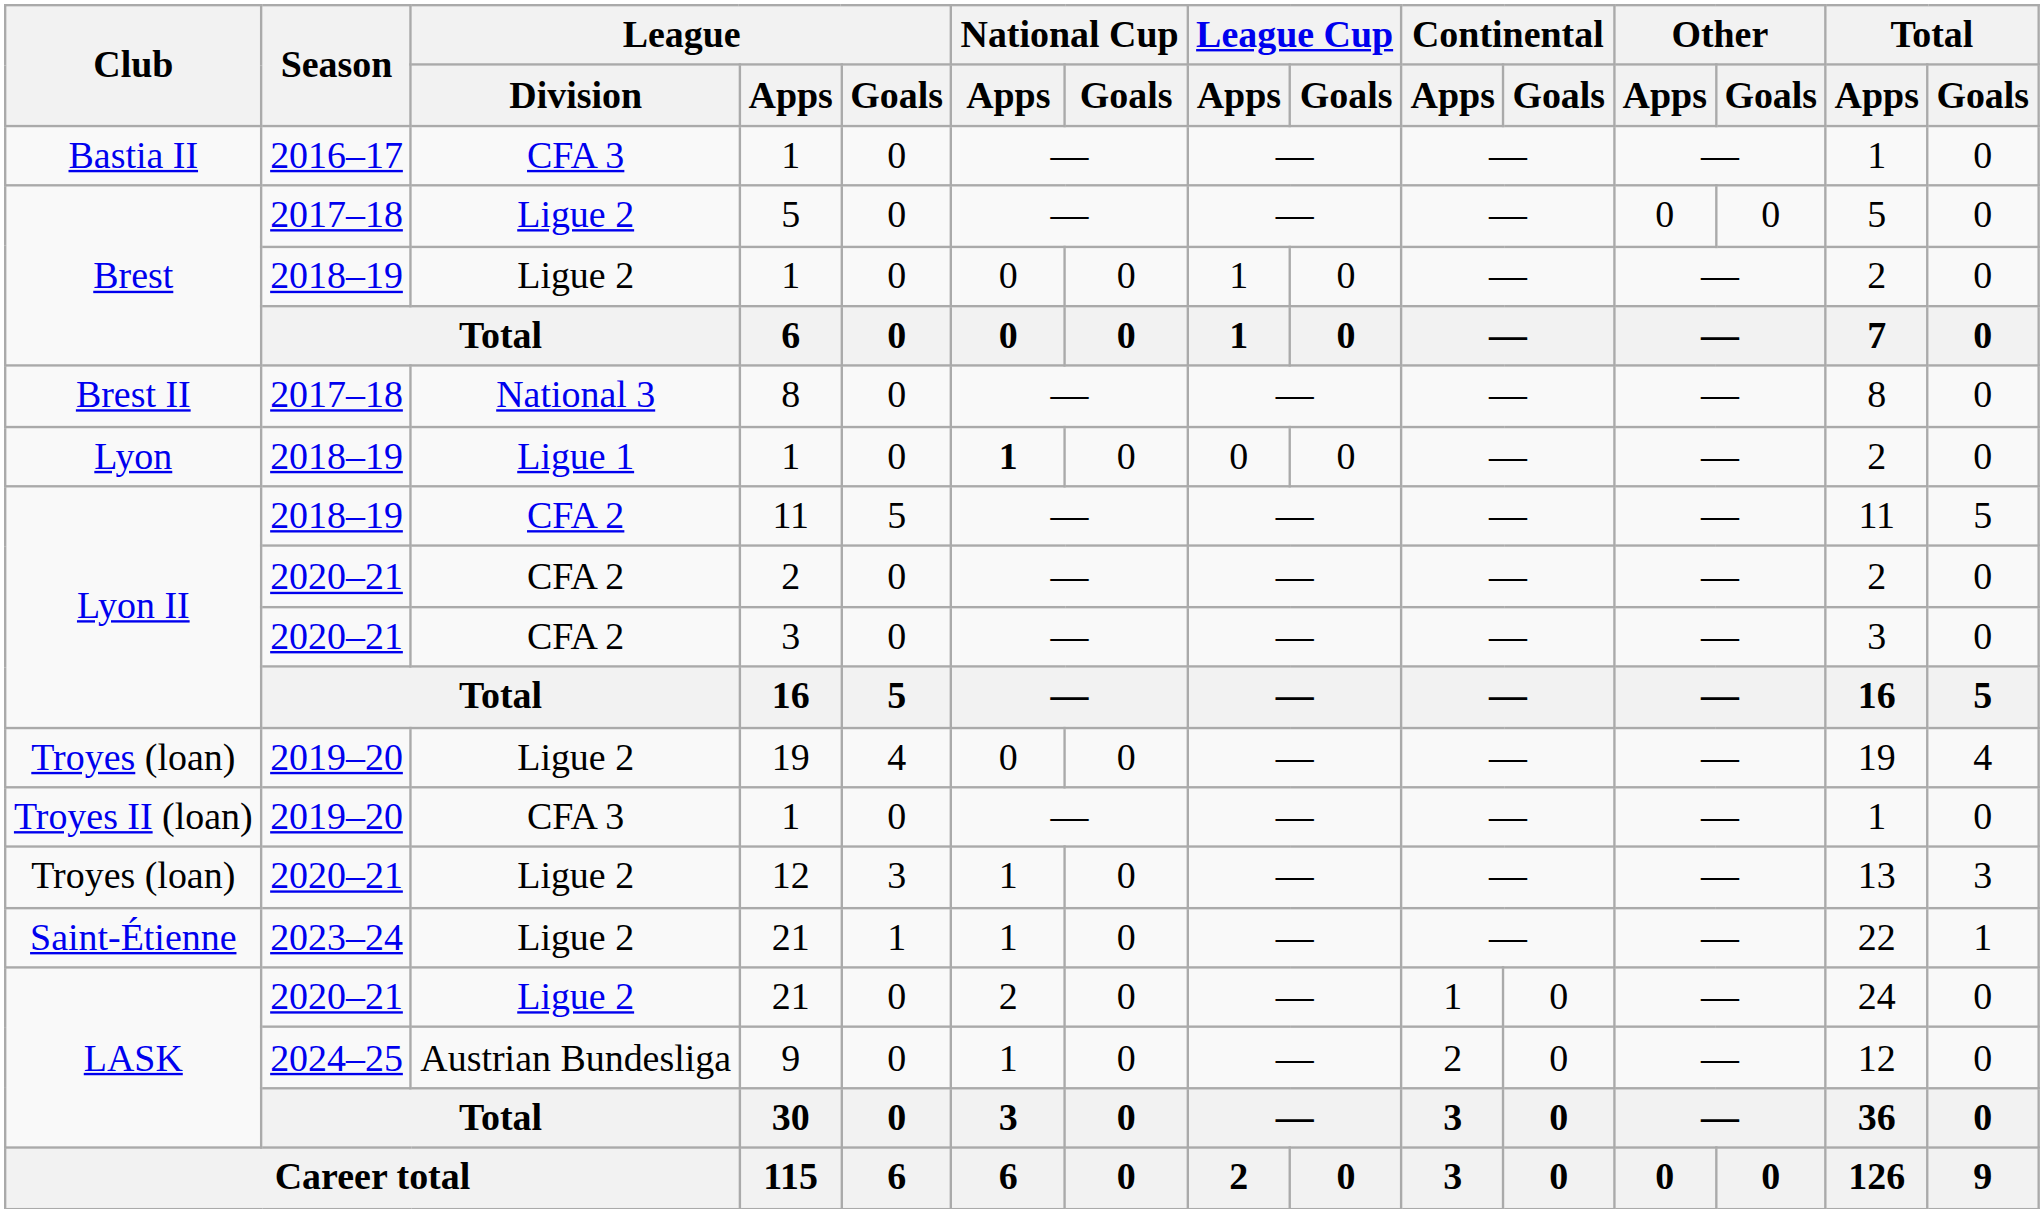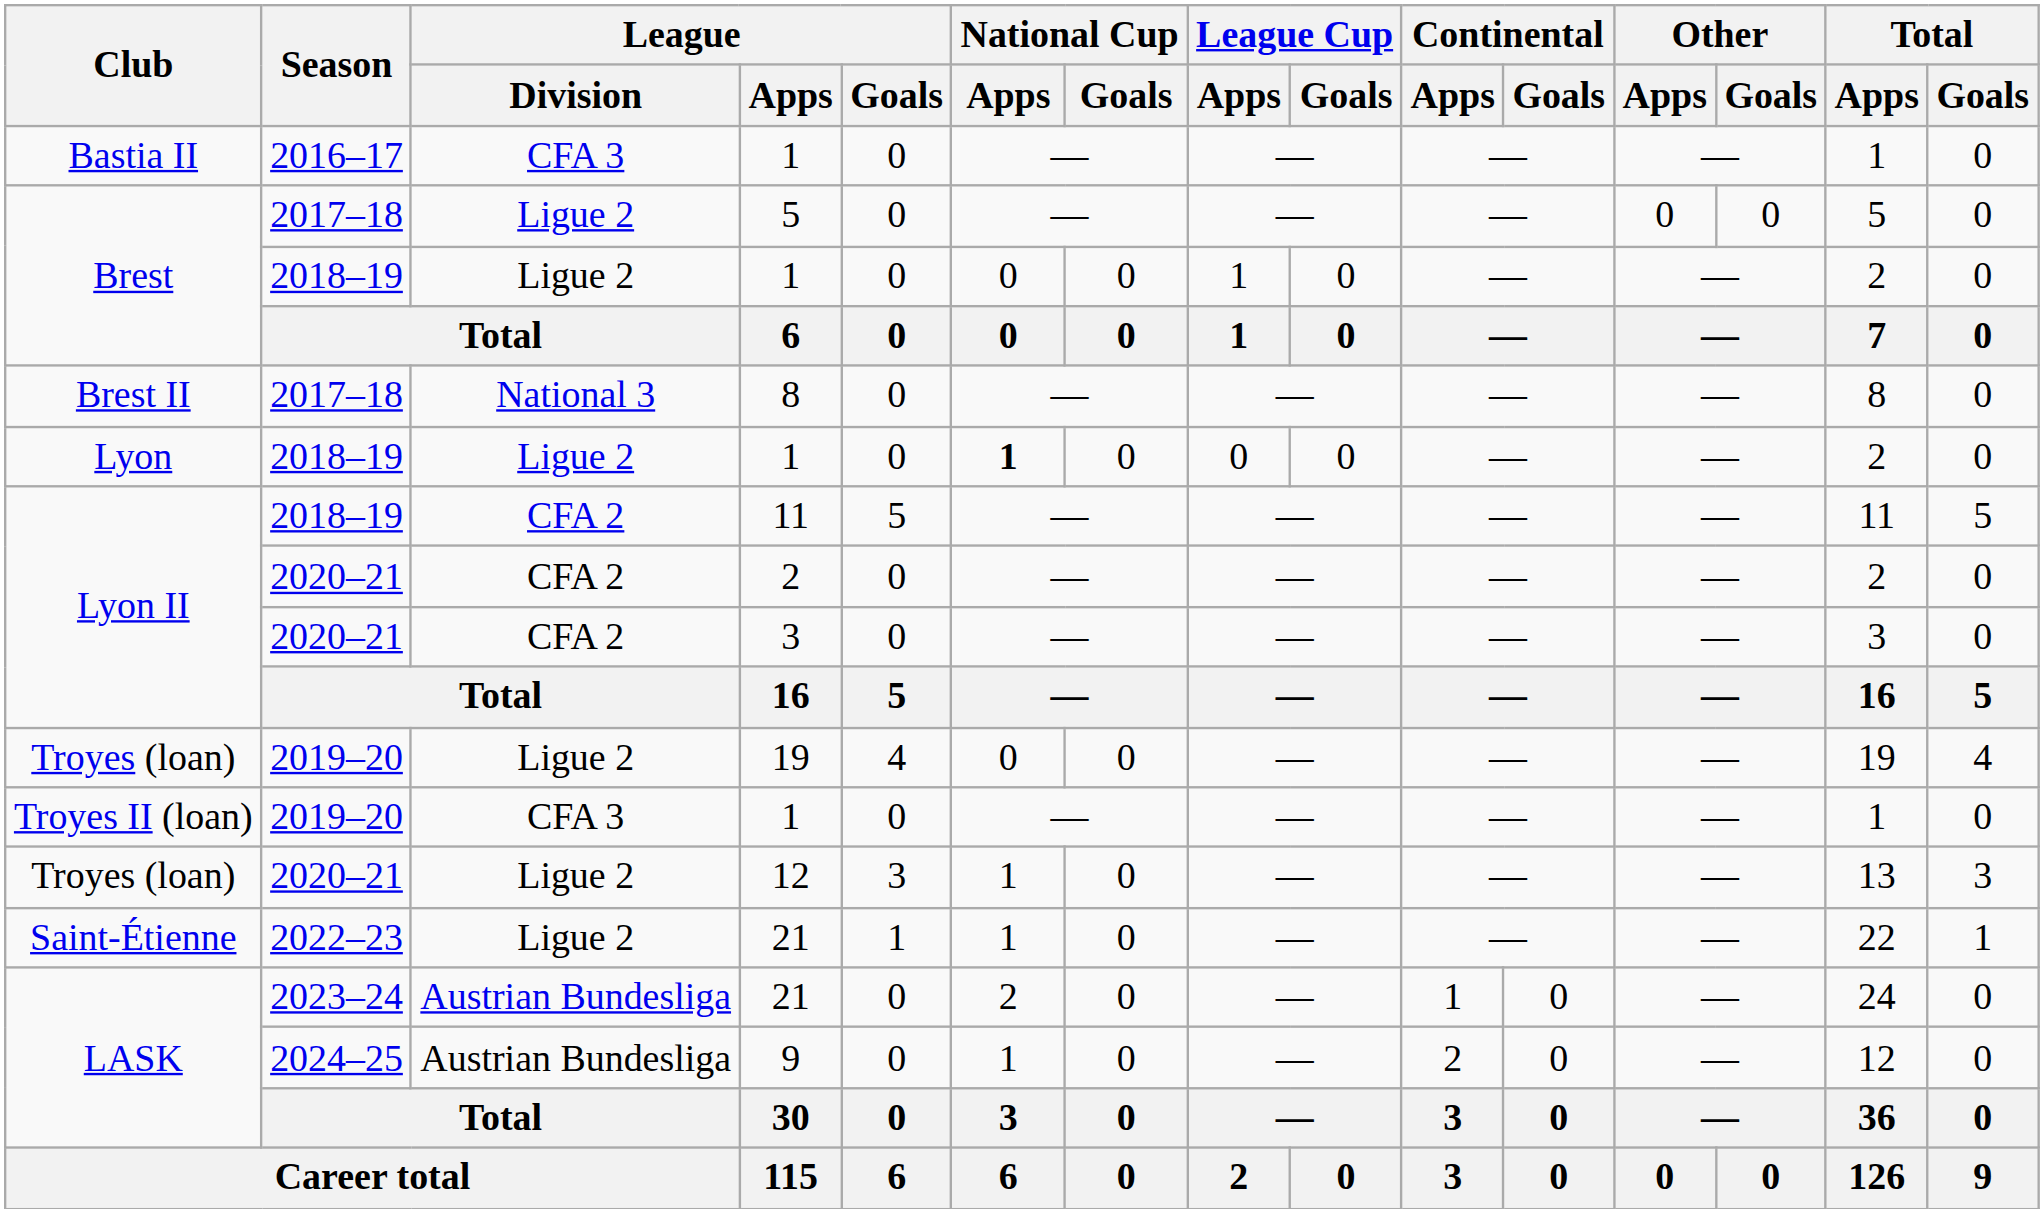 <table class="wikitable" style="text-align: center">
 <tr>
 <th rowspan="2">Club</th>
 <th rowspan="2">Season</th>
 <th colspan="3">League</th>
 <th colspan="2">National Cup</th>
 <th colspan="2"><a href='#'>League Cup</a></th>
 <th colspan="2">Continental</th>
 <th colspan="2">Other</th>
 <th colspan="2">Total</th>
 </tr>
 <tr>
 <th>Division</th>
 <th>Apps</th>
 <th>Goals</th>
 <th>Apps</th>
 <th>Goals</th>
 <th>Apps</th>
 <th>Goals</th>
 <th>Apps</th>
 <th>Goals</th>
 <th>Apps</th>
 <th>Goals</th>
 <th>Apps</th>
 <th>Goals</th>
 </tr>
 <tr>
 <td><a href='#'>Bastia II</a></td>
 <td><a href='#'>2016–17</a></td>
 <td><a href='#'>CFA 3</a></td>
 <td>1</td>
 <td>0</td>
 <td colspan="2">—</td>
 <td colspan="2">—</td>
 <td colspan="2">—</td>
 <td colspan="2">—</td>
 <td>1</td>
 <td>0</td>
 </tr>
 <tr>
 <td rowspan="3"><a href='#'>Brest</a></td>
 <td><a href='#'>2017–18</a></td>
 <td><a href='#'>Ligue 2</a></td>
 <td>5</td>
 <td>0</td>
 <td colspan="2">—</td>
 <td colspan="2">—</td>
 <td colspan="2">—</td>
 <td>0</td>
 <td>0</td>
 <td>5</td>
 <td>0</td>
 </tr>
 <tr>
 <td><a href='#'>2018–19</a></td>
 <td>Ligue 2</td>
 <td>1</td>
 <td>0</td>
 <td>0</td>
 <td>0</td>
 <td>1</td>
 <td>0</td>
 <td colspan="2">—</td>
 <td colspan="2">—</td>
 <td>2</td>
 <td>0</td>
 </tr>
 <tr>
 <th colspan="2">Total</th>
 <th>6</th>
 <th>0</th>
 <th>0</th>
 <th>0</th>
 <th>1</th>
 <th>0</th>
 <th colspan="2">—</th>
 <th colspan="2">—</th>
 <th>7</th>
 <th>0</th>
 </tr>
 <tr>
 <td><a href='#'>Brest II</a></td>
 <td><a href='#'>2017–18</a></td>
 <td><a href='#'>National 3</a></td>
 <td>8</td>
 <td>0</td>
 <td colspan="2">—</td>
 <td colspan="2">—</td>
 <td colspan="2">—</td>
 <td colspan="2">—</td>
 <td>8</td>
 <td>0</td>
 </tr>
 <tr>
 <td><a href='#'>Lyon</a></td>
 <td><a href='#'>2018–19</a></td>
-<td><a href='#'>Ligue 1</a></td>
+<td><a href='#'>Ligue 2</a></td>
 <td>1</td>
 <td>0</td>
 <td><strong>1</strong></td>
 <td>0</td>
 <td>0</td>
 <td>0</td>
 <td colspan="2">—</td>
 <td colspan="2">—</td>
 <td>2</td>
 <td>0</td>
 </tr>
 <tr>
 <td rowspan="4"><a href='#'>Lyon II</a></td>
 <td><a href='#'>2018–19</a></td>
 <td><a href='#'>CFA 2</a></td>
 <td>11</td>
 <td>5</td>
 <td colspan="2">—</td>
 <td colspan="2">—</td>
 <td colspan="2">—</td>
 <td colspan="2">—</td>
 <td>11</td>
 <td>5</td>
 </tr>
 <tr>
 <td><a href='#'>2020–21</a></td>
 <td>CFA 2</td>
 <td>2</td>
 <td>0</td>
 <td colspan="2">—</td>
 <td colspan="2">—</td>
 <td colspan="2">—</td>
 <td colspan="2">—</td>
 <td>2</td>
 <td>0</td>
 </tr>
 <tr>
 <td><a href='#'>2020–21</a></td>
 <td>CFA 2</td>
 <td>3</td>
 <td>0</td>
 <td colspan="2">—</td>
 <td colspan="2">—</td>
 <td colspan="2">—</td>
 <td colspan="2">—</td>
 <td>3</td>
 <td>0</td>
 </tr>
 <tr>
 <th colspan="2">Total</th>
 <th>16</th>
 <th>5</th>
 <th colspan="2">—</th>
 <th colspan="2">—</th>
 <th colspan="2">—</th>
 <th colspan="2">—</th>
 <th>16</th>
 <th>5</th>
 </tr>
 <tr>
 <td><a href='#'>Troyes</a> (loan)</td>
 <td><a href='#'>2019–20</a></td>
 <td>Ligue 2</td>
 <td>19</td>
 <td>4</td>
 <td>0</td>
 <td>0</td>
 <td colspan="2">—</td>
 <td colspan="2">—</td>
 <td colspan="2">—</td>
 <td>19</td>
 <td>4</td>
 </tr>
 <tr>
 <td><a href='#'>Troyes II</a> (loan)</td>
 <td><a href='#'>2019–20</a></td>
 <td>CFA 3</td>
 <td>1</td>
 <td>0</td>
 <td colspan="2">—</td>
 <td colspan="2">—</td>
 <td colspan="2">—</td>
 <td colspan="2">—</td>
 <td>1</td>
 <td>0</td>
 </tr>
 <tr>
 <td>Troyes (loan)</td>
 <td><a href='#'>2020–21</a></td>
 <td>Ligue 2</td>
 <td>12</td>
 <td>3</td>
 <td>1</td>
 <td>0</td>
 <td colspan="2">—</td>
 <td colspan="2">—</td>
 <td colspan="2">—</td>
 <td>13</td>
 <td>3</td>
 </tr>
 <tr>
 <td><a href='#'>Saint-Étienne</a></td>
-<td><a href='#'>2023–24</a></td>
+<td><a href='#'>2022–23</a></td>
 <td>Ligue 2</td>
 <td>21</td>
 <td>1</td>
 <td>1</td>
 <td>0</td>
 <td colspan="2">—</td>
 <td colspan="2">—</td>
 <td colspan="2">—</td>
 <td>22</td>
 <td>1</td>
 </tr>
 <tr>
 <td rowspan="3"><a href='#'>LASK</a></td>
-<td><a href='#'>2020–21</a></td>
-<td><a href='#'>Ligue 2</a></td>
+<td><a href='#'>2023–24</a></td>
+<td><a href='#'>Austrian Bundesliga</a></td>
 <td>21</td>
 <td>0</td>
 <td>2</td>
 <td>0</td>
 <td colspan="2">—</td>
 <td>1</td>
 <td>0</td>
 <td colspan="2">—</td>
 <td>24</td>
 <td>0</td>
 </tr>
 <tr>
 <td><a href='#'>2024–25</a></td>
 <td>Austrian Bundesliga</td>
 <td>9</td>
 <td>0</td>
 <td>1</td>
 <td>0</td>
 <td colspan="2">—</td>
 <td>2</td>
 <td>0</td>
 <td colspan="2">—</td>
 <td>12</td>
 <td>0</td>
 </tr>
 <tr>
 <th colspan="2">Total</th>
 <th>30</th>
 <th>0</th>
 <th>3</th>
 <th>0</th>
 <th colspan="2">—</th>
 <th>3</th>
 <th>0</th>
 <th colspan="2">—</th>
 <th>36</th>
 <th>0</th>
 </tr>
 <tr>
 <th colspan="3">Career total</th>
 <th>115</th>
 <th>6</th>
 <th>6</th>
 <th>0</th>
 <th>2</th>
 <th>0</th>
 <th>3</th>
 <th>0</th>
 <th>0</th>
 <th>0</th>
 <th>126</th>
 <th>9</th>
 </tr>
 </table>
